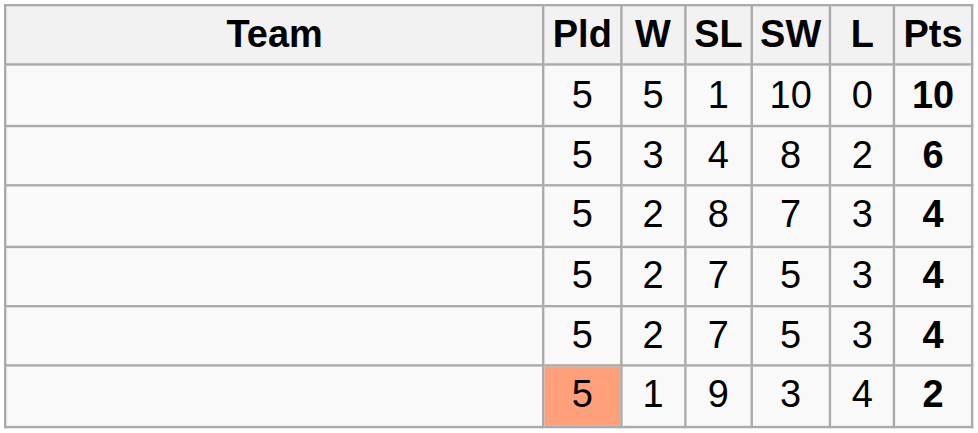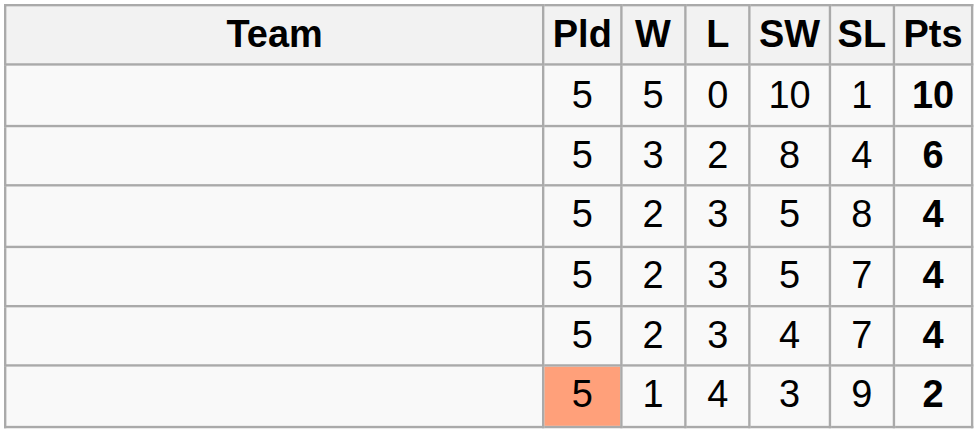 <table class=wikitable style="text-align:center">
 <tr>
 <th width=220>Team</th>
 <th width=20>Pld</th>
 <th width=20>W</th>
+<th width=20>L</th>
+<th width=20>SW</th>
 <th width=20>SL</th>
-<th width=20>SW</th>
-<th width=20>L</th>
 <th width=20>Pts</th>
 </tr>
 <tr>
 <td align=left></td>
 <td>5</td>
 <td>5</td>
+<td>0</td>
+<td>10</td>
 <td>1</td>
-<td>10</td>
-<td>0</td>
 <td><strong>10</strong></td>
 </tr>
 <tr>
 <td align=left></td>
 <td>5</td>
 <td>3</td>
+<td>2</td>
+<td>8</td>
 <td>4</td>
-<td>8</td>
-<td>2</td>
 <td><strong>6</strong></td>
 </tr>
 <tr>
 <td align=left></td>
 <td>5</td>
 <td>2</td>
+<td>3</td>
+<td>5</td>
 <td>8</td>
-<td>7</td>
-<td>3</td>
 <td><strong>4</strong></td>
 </tr>
 <tr>
 <td align=left></td>
 <td>5</td>
 <td>2</td>
+<td>3</td>
+<td>5</td>
 <td>7</td>
-<td>5</td>
-<td>3</td>
 <td><strong>4</strong></td>
 </tr>
 <tr>
 <td align=left></td>
 <td>5</td>
 <td>2</td>
+<td>3</td>
+<td>4</td>
 <td>7</td>
-<td>5</td>
-<td>3</td>
 <td><strong>4</strong></td>
 </tr>
 <tr>
 <td align=left></td>
 <td style="background: lightsalmon;">5</td>
 <td>1</td>
+<td>4</td>
+<td>3</td>
 <td>9</td>
-<td>3</td>
-<td>4</td>
 <td><strong>2</strong></td>
 </tr>
 </table>
